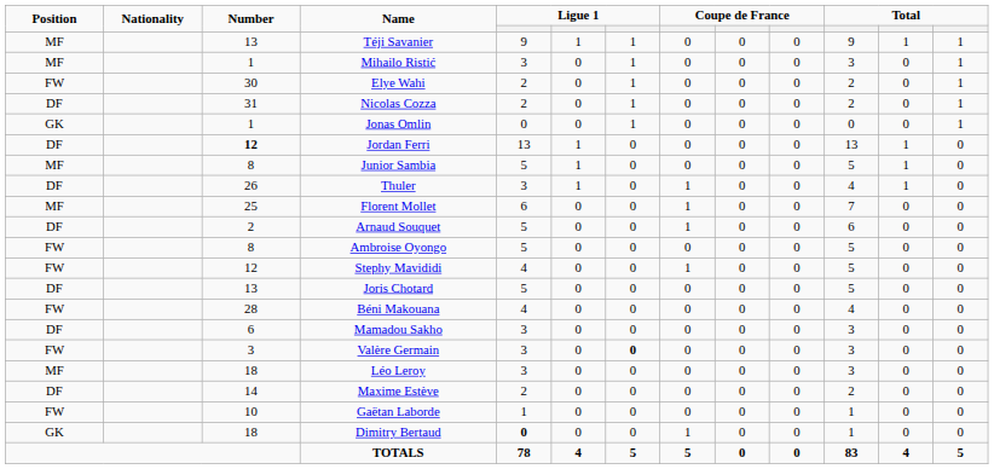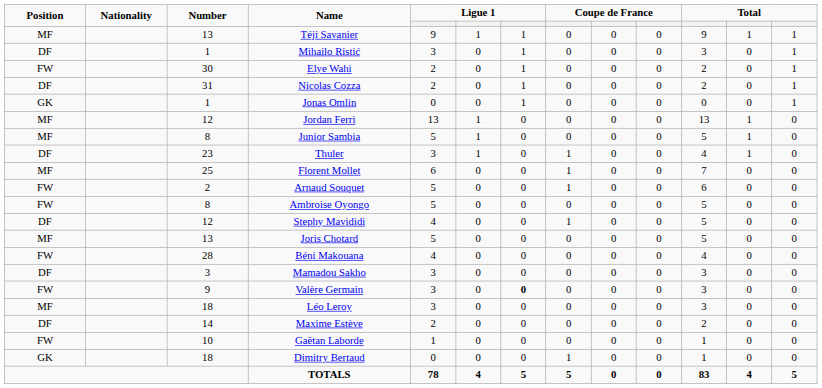 <table class="wikitable" style="font-size: 100%; text-align: center;">
 <tr>
 <td rowspan="2" width="10%" align="center"><strong>Position</strong></td>
 <td rowspan="2" width="10%" align="center"><strong>Nationality</strong></td>
 <td rowspan="2" width="10%" align="center"><strong>Number</strong></td>
 <td rowspan="2" width="20%" align="center"><strong>Name</strong></td>
 <td colspan="3" align="center"><strong>Ligue 1</strong></td>
 <td colspan="3" align="center"><strong>Coupe de France</strong></td>
 <td colspan="3" align="center"><strong>Total</strong></td>
 </tr>
 <tr>
 <th width=60 style="background:"></th>
 <th width=60 style="background:"></th>
 <th width=60 style="background:"></th>
 <th width=60 style="background:"></th>
 <th width=60 style="background:"></th>
 <th width=60 style="background:"></th>
 <th width=60 style="background:"></th>
 <th width=60 style="background:"></th>
 <th width=60 style="background:"></th>
 </tr>
 <tr>
 <td>MF</td>
 <td></td>
 <td>13</td>
 <td><a href='#'>Téji Savanier</a></td>
 <td>9</td>
 <td>1</td>
 <td>1</td>
 <td>0</td>
 <td>0</td>
 <td>0</td>
 <td>9</td>
 <td>1</td>
 <td>1</td>
 </tr>
 <tr>
-<td>MF</td>
+<td>DF</td>
 <td></td>
 <td>1</td>
 <td><a href='#'>Mihailo Ristić</a></td>
 <td>3</td>
 <td>0</td>
 <td>1</td>
 <td>0</td>
 <td>0</td>
 <td>0</td>
 <td>3</td>
 <td>0</td>
 <td>1</td>
 </tr>
 <tr>
 <td>FW</td>
 <td></td>
 <td>30</td>
 <td><a href='#'>Elye Wahi</a></td>
 <td>2</td>
 <td>0</td>
 <td>1</td>
 <td>0</td>
 <td>0</td>
 <td>0</td>
 <td>2</td>
 <td>0</td>
 <td>1</td>
 </tr>
 <tr>
 <td>DF</td>
 <td></td>
 <td>31</td>
 <td><a href='#'>Nicolas Cozza</a></td>
 <td>2</td>
 <td>0</td>
 <td>1</td>
 <td>0</td>
 <td>0</td>
 <td>0</td>
 <td>2</td>
 <td>0</td>
 <td>1</td>
 </tr>
 <tr>
 <td>GK</td>
 <td></td>
 <td>1</td>
 <td><a href='#'>Jonas Omlin</a></td>
 <td>0</td>
 <td>0</td>
 <td>1</td>
 <td>0</td>
 <td>0</td>
 <td>0</td>
 <td>0</td>
 <td>0</td>
 <td>1</td>
 </tr>
 <tr>
-<td>DF</td>
+<td>MF</td>
 <td></td>
-<td><strong>12</strong></td>
+<td>12</td>
 <td><a href='#'>Jordan Ferri</a></td>
 <td>13</td>
 <td>1</td>
 <td>0</td>
 <td>0</td>
 <td>0</td>
 <td>0</td>
 <td>13</td>
 <td>1</td>
 <td>0</td>
 </tr>
 <tr>
 <td>MF</td>
 <td></td>
 <td>8</td>
 <td><a href='#'>Junior Sambia</a></td>
 <td>5</td>
 <td>1</td>
 <td>0</td>
 <td>0</td>
 <td>0</td>
 <td>0</td>
 <td>5</td>
 <td>1</td>
 <td>0</td>
 </tr>
 <tr>
 <td>DF</td>
 <td></td>
-<td>26</td>
+<td>23</td>
 <td><a href='#'>Thuler</a></td>
 <td>3</td>
 <td>1</td>
 <td>0</td>
 <td>1</td>
 <td>0</td>
 <td>0</td>
 <td>4</td>
 <td>1</td>
 <td>0</td>
 </tr>
 <tr>
 <td>MF</td>
 <td></td>
 <td>25</td>
 <td><a href='#'>Florent Mollet</a></td>
 <td>6</td>
 <td>0</td>
 <td>0</td>
 <td>1</td>
 <td>0</td>
 <td>0</td>
 <td>7</td>
 <td>0</td>
 <td>0</td>
 </tr>
 <tr>
-<td>DF</td>
+<td>FW</td>
 <td></td>
 <td>2</td>
 <td><a href='#'>Arnaud Souquet</a></td>
 <td>5</td>
 <td>0</td>
 <td>0</td>
 <td>1</td>
 <td>0</td>
 <td>0</td>
 <td>6</td>
 <td>0</td>
 <td>0</td>
 </tr>
 <tr>
 <td>FW</td>
 <td></td>
 <td>8</td>
 <td><a href='#'>Ambroise Oyongo</a></td>
 <td>5</td>
 <td>0</td>
 <td>0</td>
 <td>0</td>
 <td>0</td>
 <td>0</td>
 <td>5</td>
 <td>0</td>
 <td>0</td>
 </tr>
 <tr>
-<td>FW</td>
+<td>DF</td>
 <td></td>
 <td>12</td>
 <td><a href='#'>Stephy Mavididi</a></td>
 <td>4</td>
 <td>0</td>
 <td>0</td>
 <td>1</td>
 <td>0</td>
 <td>0</td>
 <td>5</td>
 <td>0</td>
 <td>0</td>
 </tr>
 <tr>
-<td>DF</td>
+<td>MF</td>
 <td></td>
 <td>13</td>
 <td><a href='#'>Joris Chotard</a></td>
 <td>5</td>
 <td>0</td>
 <td>0</td>
 <td>0</td>
 <td>0</td>
 <td>0</td>
 <td>5</td>
 <td>0</td>
 <td>0</td>
 </tr>
 <tr>
 <td>FW</td>
 <td></td>
 <td>28</td>
 <td><a href='#'>Béni Makouana</a></td>
 <td>4</td>
 <td>0</td>
 <td>0</td>
 <td>0</td>
 <td>0</td>
 <td>0</td>
 <td>4</td>
 <td>0</td>
 <td>0</td>
 </tr>
 <tr>
 <td>DF</td>
 <td></td>
-<td>6</td>
+<td>3</td>
 <td><a href='#'>Mamadou Sakho</a></td>
 <td>3</td>
 <td>0</td>
 <td>0</td>
 <td>0</td>
 <td>0</td>
 <td>0</td>
 <td>3</td>
 <td>0</td>
 <td>0</td>
 </tr>
 <tr>
 <td>FW</td>
 <td></td>
-<td>3</td>
+<td>9</td>
 <td><a href='#'>Valère Germain</a></td>
 <td>3</td>
 <td>0</td>
 <td><strong>0</strong></td>
 <td>0</td>
 <td>0</td>
 <td>0</td>
 <td>3</td>
 <td>0</td>
 <td>0</td>
 </tr>
 <tr>
 <td>MF</td>
 <td></td>
 <td>18</td>
 <td><a href='#'>Léo Leroy</a></td>
 <td>3</td>
 <td>0</td>
 <td>0</td>
 <td>0</td>
 <td>0</td>
 <td>0</td>
 <td>3</td>
 <td>0</td>
 <td>0</td>
 </tr>
 <tr>
 <td>DF</td>
 <td></td>
 <td>14</td>
 <td><a href='#'>Maxime Estève</a></td>
 <td>2</td>
 <td>0</td>
 <td>0</td>
 <td>0</td>
 <td>0</td>
 <td>0</td>
 <td>2</td>
 <td>0</td>
 <td>0</td>
 </tr>
 <tr>
 <td>FW</td>
 <td></td>
 <td>10</td>
 <td><a href='#'>Gaëtan Laborde</a></td>
 <td>1</td>
 <td>0</td>
 <td>0</td>
 <td>0</td>
 <td>0</td>
 <td>0</td>
 <td>1</td>
 <td>0</td>
 <td>0</td>
 </tr>
 <tr>
 <td>GK</td>
 <td></td>
 <td>18</td>
 <td><a href='#'>Dimitry Bertaud</a></td>
-<td><strong>0</strong></td>
+<td>0</td>
 <td>0</td>
 <td>0</td>
 <td>1</td>
 <td>0</td>
 <td>0</td>
 <td>1</td>
 <td>0</td>
 <td>0</td>
 </tr>
 <tr>
 <td colspan="3"></td>
 <td><strong>TOTALS</strong></td>
 <td><strong>78</strong></td>
 <td><strong>4</strong></td>
 <td><strong>5</strong></td>
 <td><strong>5</strong></td>
 <td><strong>0</strong></td>
 <td><strong>0</strong></td>
 <td><strong>83</strong></td>
 <td><strong>4</strong></td>
 <td><strong>5</strong></td>
 </tr>
 </table>
